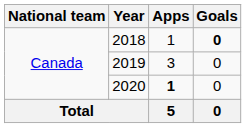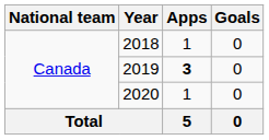 <table class="wikitable" style="text-align:center">
 <tr>
 <th>National team</th>
 <th>Year</th>
 <th>Apps</th>
 <th>Goals</th>
 </tr>
 <tr>
 <td rowspan="3"><a href='#'>Canada</a></td>
 <td>2018</td>
 <td>1</td>
-<td><strong>0</strong></td>
+<td>0</td>
 </tr>
 <tr>
 <td>2019</td>
-<td>3</td>
+<td><strong>3</strong></td>
 <td>0</td>
 </tr>
 <tr>
 <td>2020</td>
-<td><strong>1</strong></td>
+<td>1</td>
 <td>0</td>
 </tr>
 <tr>
 <th colspan="2">Total</th>
 <th>5</th>
 <th>0</th>
 </tr>
 </table>
